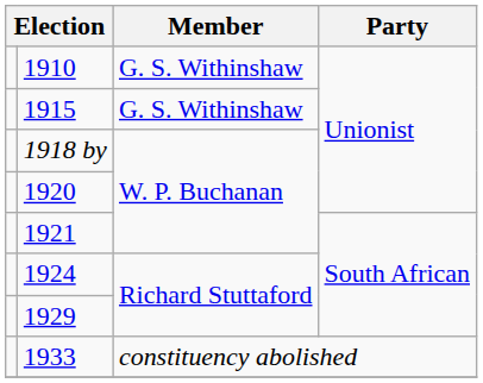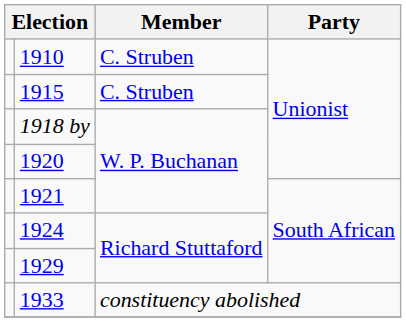 <table class="wikitable">
 <tr>
 <th colspan="2">Election</th>
 <th>Member</th>
 <th>Party</th>
 </tr>
 <tr>
 <td style="background-color: "></td>
 <td><a href='#'>1910</a></td>
-<td><a href='#'>G. S. Withinshaw</a></td>
+<td><a href='#'>C. Struben</a></td>
 <td rowspan="4"><a href='#'>Unionist</a></td>
 </tr>
 <tr>
 <td style="background-color: "></td>
 <td><a href='#'>1915</a></td>
-<td><a href='#'>G. S. Withinshaw</a></td>
+<td><a href='#'>C. Struben</a></td>
 </tr>
 <tr>
 <td style="background-color: "></td>
 <td><em>1918 by</em></td>
 <td rowspan="3"><a href='#'>W. P. Buchanan</a></td>
 </tr>
 <tr>
 <td style="background-color: "></td>
 <td><a href='#'>1920</a></td>
 </tr>
 <tr>
 <td style="background-color: "></td>
 <td><a href='#'>1921</a></td>
 <td rowspan="3"><a href='#'>South African</a></td>
 </tr>
 <tr>
 <td style="background-color: "></td>
 <td><a href='#'>1924</a></td>
 <td rowspan="2"><a href='#'>Richard Stuttaford</a></td>
 </tr>
 <tr>
 <td style="background-color: "></td>
 <td><a href='#'>1929</a></td>
 </tr>
 <tr>
 <td style="background-color: "></td>
 <td><a href='#'>1933</a></td>
 <td colspan="2"><em>constituency abolished</em></td>
 </tr>
 <tr>
 </tr>
 </table>
